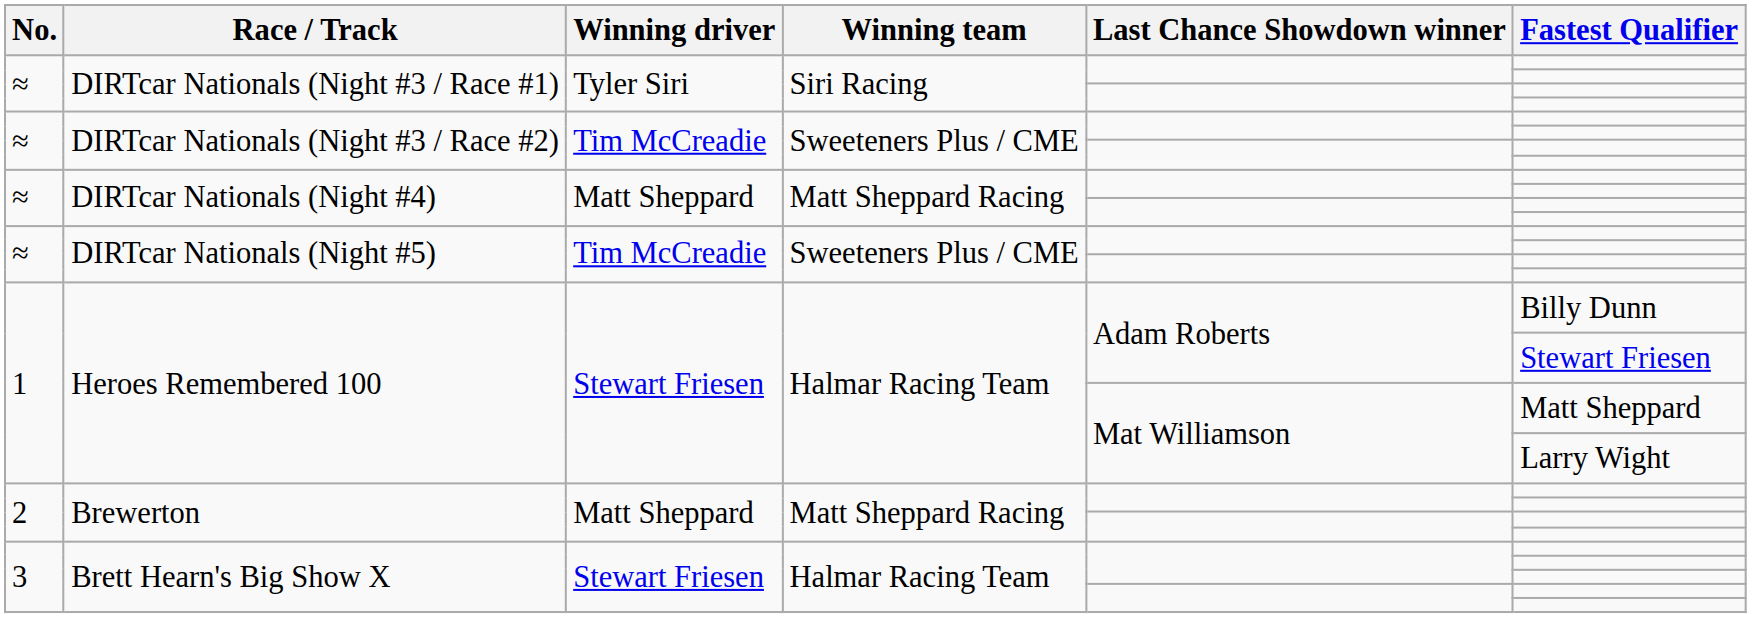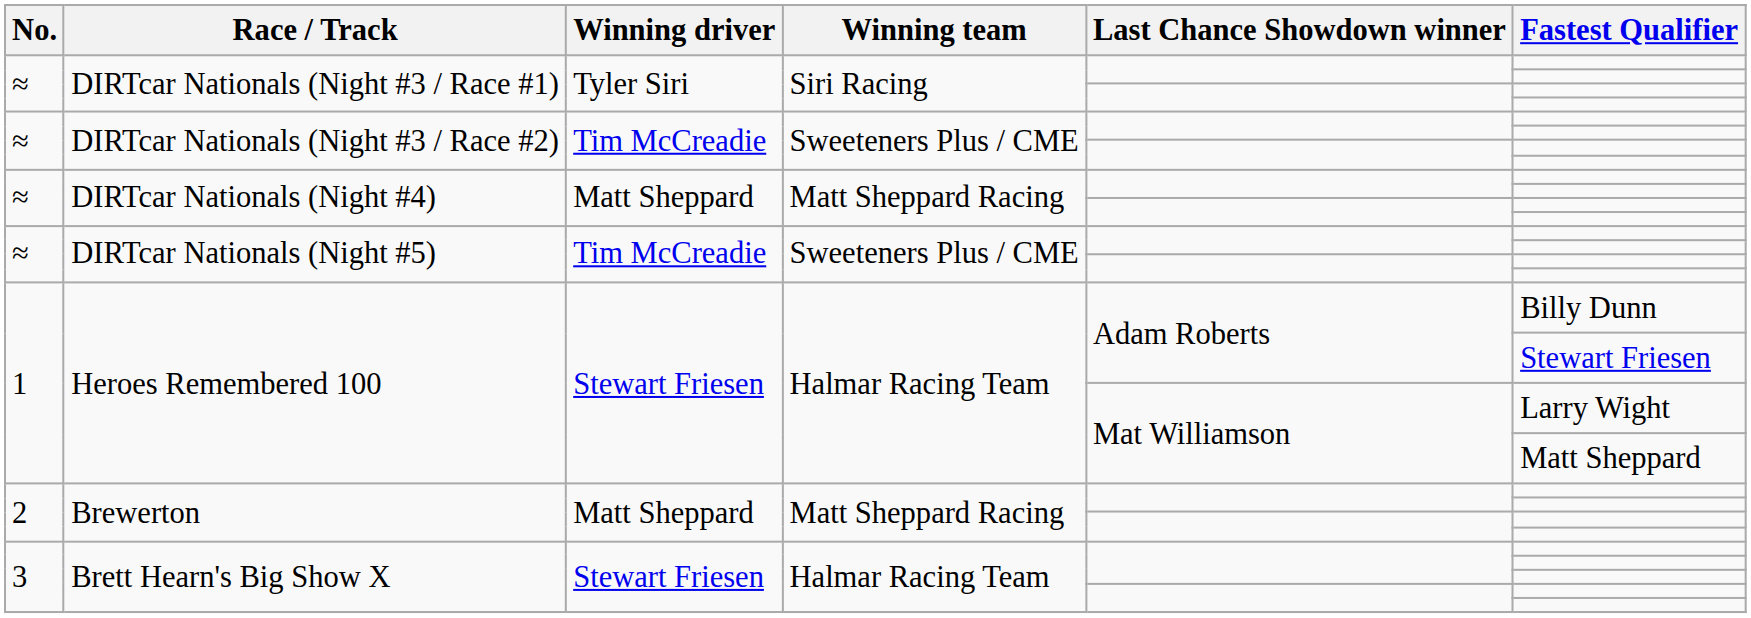 <table class="wikitable" style="font-size:95%">
 <tr>
 <th>No.</th>
 <th>Race / Track</th>
 <th>Winning driver</th>
 <th>Winning team</th>
 <th>Last Chance Showdown winner</th>
 <th><a href='#'>Fastest Qualifier</a></th>
 </tr>
 <tr>
 <td rowspan=4>≈</td>
 <td rowspan=4>DIRTcar Nationals (Night #3 / Race #1)</td>
 <td rowspan=4>Tyler Siri</td>
 <td rowspan=4>Siri Racing</td>
 <td rowspan=2></td>
 <td></td>
 </tr>
 <tr>
 <td></td>
 </tr>
 <tr>
 <td rowspan=2></td>
 <td></td>
 </tr>
 <tr>
 <td></td>
 </tr>
 <tr>
 <td rowspan=4>≈</td>
 <td rowspan=4>DIRTcar Nationals (Night #3 / Race #2)</td>
 <td rowspan=4><a href='#'>Tim McCreadie</a></td>
 <td rowspan=4>Sweeteners Plus / CME</td>
 <td rowspan=2></td>
 <td></td>
 </tr>
 <tr>
 <td></td>
 </tr>
 <tr>
 <td rowspan=2></td>
 <td></td>
 </tr>
 <tr>
 <td></td>
 </tr>
 <tr>
 <td rowspan=4>≈</td>
 <td rowspan=4>DIRTcar Nationals (Night #4)</td>
 <td rowspan=4>Matt Sheppard</td>
 <td rowspan=4>Matt Sheppard Racing</td>
 <td rowspan=2></td>
 <td></td>
 </tr>
 <tr>
 <td></td>
 </tr>
 <tr>
 <td rowspan=2></td>
 <td></td>
 </tr>
 <tr>
 <td></td>
 </tr>
 <tr>
 <td rowspan=4>≈</td>
 <td rowspan=4>DIRTcar Nationals (Night #5)</td>
 <td rowspan=4><a href='#'>Tim McCreadie</a></td>
 <td rowspan=4>Sweeteners Plus / CME</td>
 <td rowspan=2></td>
 <td></td>
 </tr>
 <tr>
 <td></td>
 </tr>
 <tr>
 <td rowspan=2></td>
 <td></td>
 </tr>
 <tr>
 <td></td>
 </tr>
 <tr>
 <td rowspan=4>1</td>
 <td rowspan=4>Heroes Remembered 100</td>
 <td rowspan=4><a href='#'>Stewart Friesen</a></td>
 <td rowspan=4>Halmar Racing Team</td>
 <td rowspan=2>Adam Roberts</td>
 <td>Billy Dunn</td>
 </tr>
 <tr>
 <td><a href='#'>Stewart Friesen</a></td>
 </tr>
 <tr>
 <td rowspan=2>Mat Williamson</td>
-<td>Matt Sheppard</td>
+<td>Larry Wight</td>
 </tr>
 <tr>
-<td>Larry Wight</td>
+<td>Matt Sheppard</td>
 </tr>
 <tr>
 <td rowspan=4>2</td>
 <td rowspan=4>Brewerton</td>
 <td rowspan=4>Matt Sheppard</td>
 <td rowspan=4>Matt Sheppard Racing</td>
 <td rowspan=2></td>
 <td></td>
 </tr>
 <tr>
 <td></td>
 </tr>
 <tr>
 <td rowspan=2></td>
 <td></td>
 </tr>
 <tr>
 <td></td>
 </tr>
 <tr>
 <td rowspan=5>3</td>
 <td rowspan=5>Brett Hearn's Big Show X</td>
 <td rowspan=5><a href='#'>Stewart Friesen</a></td>
 <td rowspan=5>Halmar Racing Team</td>
 <td rowspan=3></td>
 <td></td>
 </tr>
 <tr>
 <td></td>
 </tr>
 <tr>
 <td></td>
 </tr>
 <tr>
 <td rowspan=2></td>
 <td></td>
 </tr>
 <tr>
 <td></td>
 </tr>
 </table>
